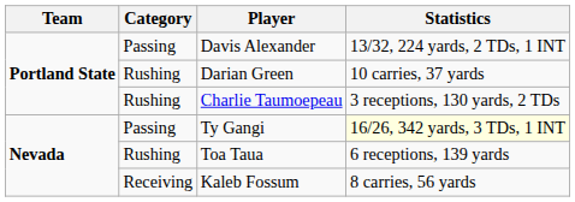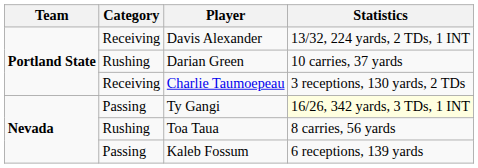 <table class="wikitable" style="float: left;">
 <tr>
 <th>Team</th>
 <th>Category</th>
 <th>Player</th>
 <th>Statistics</th>
 </tr>
 <tr>
 <td rowspan=3><strong>Portland State</strong></td>
-<td>Passing</td>
+<td>Receiving</td>
 <td>Davis Alexander</td>
 <td>13/32, 224 yards, 2 TDs, 1 INT</td>
 </tr>
 <tr>
 <td>Rushing</td>
 <td>Darian Green</td>
 <td>10 carries, 37 yards</td>
 </tr>
 <tr>
-<td>Rushing</td>
+<td>Receiving</td>
 <td><a href='#'>Charlie Taumoepeau</a></td>
 <td>3 receptions, 130 yards, 2 TDs</td>
 </tr>
 <tr>
 <td rowspan=3><strong>Nevada</strong></td>
 <td>Passing</td>
 <td>Ty Gangi</td>
 <td style="background: lightyellow;">16/26, 342 yards, 3 TDs, 1 INT</td>
 </tr>
 <tr>
 <td>Rushing</td>
 <td>Toa Taua</td>
+<td>8 carries, 56 yards</td>
+</tr>
+<tr>
+<td>Passing</td>
+<td>Kaleb Fossum</td>
 <td>6 receptions, 139 yards</td>
 </tr>
-<tr>
-<td>Receiving</td>
-<td>Kaleb Fossum</td>
-<td>8 carries, 56 yards</td>
-</tr>
 </table>
